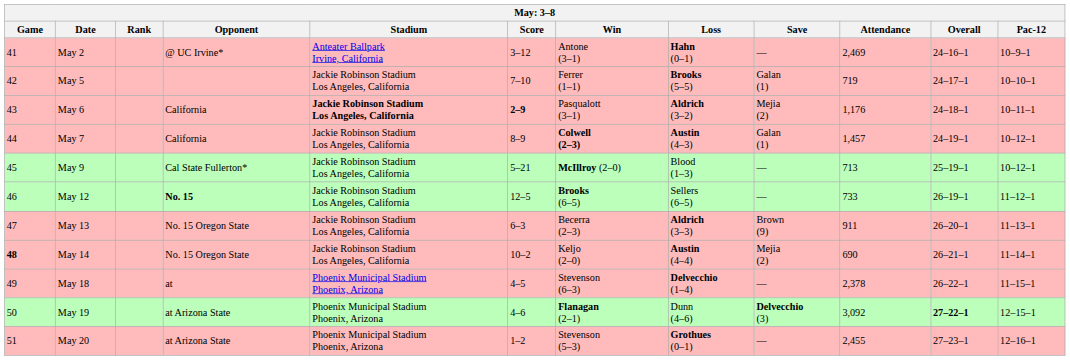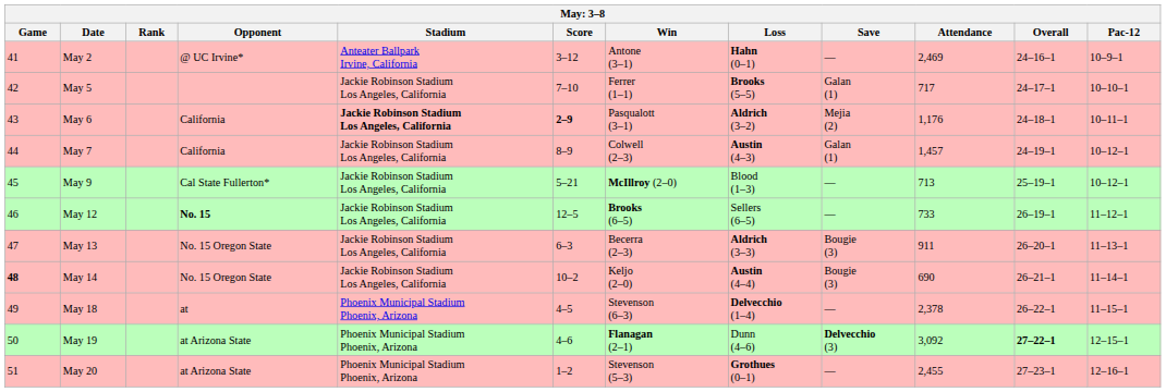 <table class="wikitable collapsible collapsed" style="margin:auto; font-size:95%; width:100%">
 <tr>
 <th colspan=12>May: 3–8</th>
 </tr>
 <tr>
 <th>Game</th>
 <th>Date</th>
 <th>Rank</th>
 <th>Opponent</th>
 <th>Stadium</th>
 <th>Score</th>
 <th>Win</th>
 <th>Loss</th>
 <th>Save</th>
 <th>Attendance</th>
 <th>Overall</th>
 <th>Pac-12</th>
 </tr>
 <tr style="background: #fbb;">
 <td>41</td>
 <td>May 2</td>
 <td></td>
 <td>@  UC Irvine*</td>
 <td><a href='#'>Anteater Ballpark</a><br><a href='#'>Irvine, California</a></td>
 <td>3–12</td>
 <td>Antone<br>(3–1)</td>
 <td><strong>Hahn</strong><br>(0–1)</td>
 <td>—</td>
 <td>2,469</td>
 <td>24–16–1</td>
 <td>10–9–1</td>
 </tr>
 <tr style="background: #fbb;">
 <td>42</td>
 <td>May 5</td>
 <td></td>
 <td></td>
 <td>Jackie Robinson Stadium<br>Los Angeles, California</td>
 <td>7–10</td>
 <td>Ferrer<br>(1–1)</td>
 <td><strong>Brooks</strong><br>(5–5)</td>
 <td>Galan<br>(1)</td>
-<td>719</td>
+<td>717</td>
 <td>24–17–1</td>
 <td>10–10–1</td>
 </tr>
 <tr style="background: #fbb;">
 <td>43</td>
 <td>May 6</td>
 <td></td>
 <td>California</td>
 <td><strong>Jackie Robinson Stadium<br>Los Angeles, California</strong></td>
 <td><strong>2–9</strong></td>
 <td>Pasqualott<br>(3–1)</td>
 <td><strong>Aldrich</strong><br>(3–2)</td>
 <td>Mejia<br>(2)</td>
 <td>1,176</td>
 <td>24–18–1</td>
 <td>10–11–1</td>
 </tr>
 <tr style="background: #fbb;">
 <td>44</td>
 <td>May 7</td>
 <td></td>
 <td>California</td>
 <td>Jackie Robinson Stadium<br>Los Angeles, California</td>
 <td>8–9</td>
-<td><strong>Colwell<br>(2–3)</strong></td>
+<td>Colwell<br>(2–3)</td>
 <td><strong>Austin</strong> <br>(4–3)</td>
 <td>Galan<br>(1)</td>
 <td>1,457</td>
 <td>24–19–1</td>
 <td>10–12–1</td>
 </tr>
 <tr style="background: #bfb;">
 <td>45</td>
 <td>May 9</td>
 <td></td>
 <td>Cal State Fullerton*</td>
 <td>Jackie Robinson Stadium<br>Los Angeles, California</td>
 <td>5–21</td>
 <td><strong>McIllroy</strong> (2–0)</td>
 <td>Blood<br>(1–3)</td>
 <td>—</td>
 <td>713</td>
 <td>25–19–1</td>
 <td>10–12–1</td>
 </tr>
 <tr style="background:  #bfb;">
 <td>46</td>
 <td>May 12</td>
 <td></td>
 <td><strong>No. 15 </strong></td>
 <td>Jackie Robinson Stadium<br>Los Angeles, California</td>
 <td>12–5</td>
 <td><strong>Brooks</strong><br>(6–5)</td>
 <td>Sellers <br>(6–5)</td>
 <td>—</td>
 <td>733</td>
 <td>26–19–1</td>
 <td>11–12–1</td>
 </tr>
 <tr style="background:  #fbb;">
 <td>47</td>
 <td>May 13</td>
 <td></td>
 <td>No. 15 Oregon State</td>
 <td>Jackie Robinson Stadium<br>Los Angeles, California</td>
 <td>6–3</td>
 <td>Becerra<br>(2–3)</td>
 <td><strong>Aldrich</strong><br>(3–3)</td>
-<td>Brown<br>(9)</td>
+<td>Bougie<br>(3)</td>
 <td>911</td>
 <td>26–20–1</td>
 <td>11–13–1</td>
 </tr>
 <tr style="background:  #fbb;">
 <td><strong>48</strong></td>
 <td>May 14</td>
 <td></td>
 <td>No. 15 Oregon State</td>
 <td>Jackie Robinson Stadium<br>Los Angeles, California</td>
 <td>10–2</td>
 <td>Keljo<br>(2–0)</td>
 <td><strong>Austin</strong><br>(4–4)</td>
-<td>Mejia<br>(2)</td>
+<td>Bougie<br>(3)</td>
 <td>690</td>
 <td>26–21–1</td>
 <td>11–14–1</td>
 </tr>
 <tr style="background:  #fbb;">
 <td>49</td>
 <td>May 18</td>
 <td></td>
 <td>at </td>
 <td><a href='#'>Phoenix Municipal Stadium</a><br><a href='#'>Phoenix, Arizona</a></td>
 <td>4–5</td>
 <td>Stevenson<br>(6–3)</td>
 <td><strong>Delvecchio</strong><br>(1–4)</td>
 <td>—</td>
 <td>2,378</td>
 <td>26–22–1</td>
 <td>11–15–1</td>
 </tr>
 <tr style="background:  #bfb;">
 <td>50</td>
 <td>May 19</td>
 <td></td>
 <td>at Arizona State</td>
 <td>Phoenix Municipal Stadium<br>Phoenix, Arizona</td>
 <td>4–6</td>
 <td><strong>Flanagan</strong><br>(2–1)</td>
 <td>Dunn<br>(4–6)</td>
 <td><strong>Delvecchio</strong><br>(3)</td>
 <td>3,092</td>
 <td><strong>27–22–1</strong></td>
 <td>12–15–1</td>
 </tr>
 <tr style="background:  #fbb;">
 <td>51</td>
 <td>May 20</td>
 <td></td>
 <td>at Arizona State</td>
 <td>Phoenix Municipal Stadium<br>Phoenix, Arizona</td>
 <td>1–2</td>
 <td>Stevenson<br>(5–3)</td>
 <td><strong>Grothues</strong><br>(0–1)</td>
 <td>—</td>
 <td>2,455</td>
 <td>27–23–1</td>
 <td>12–16–1</td>
 </tr>
 </table>
